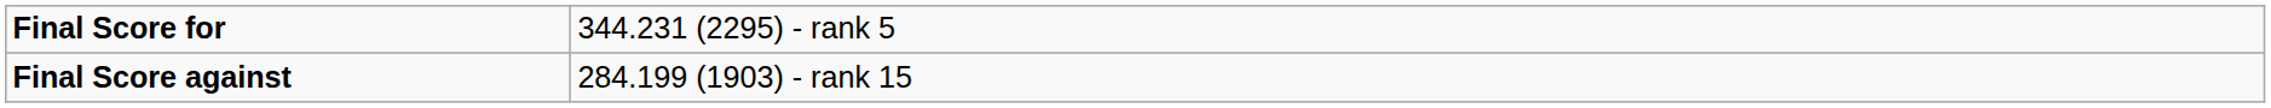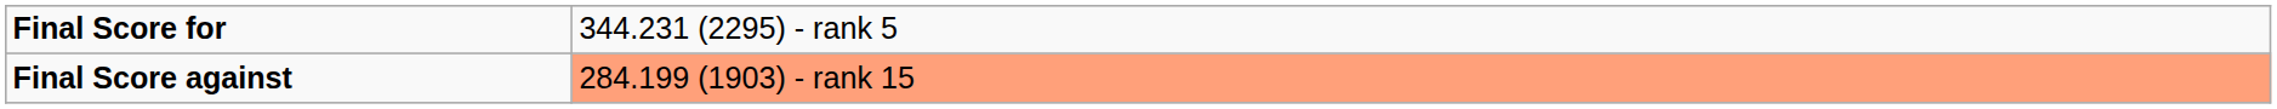 <table class="wikitable" style="width:60%;">
 <tr>
 <td style="width:25%;"><strong>Final Score for</strong></td>
 <td>344.231 (2295) - rank 5</td>
 </tr>
 <tr>
 <td style="width:25%;"><strong>Final Score against</strong></td>
-<td>284.199 (1903) - rank 15</td>
+<td style="background: lightsalmon;">284.199 (1903) - rank 15</td>
 </tr>
 </table>
